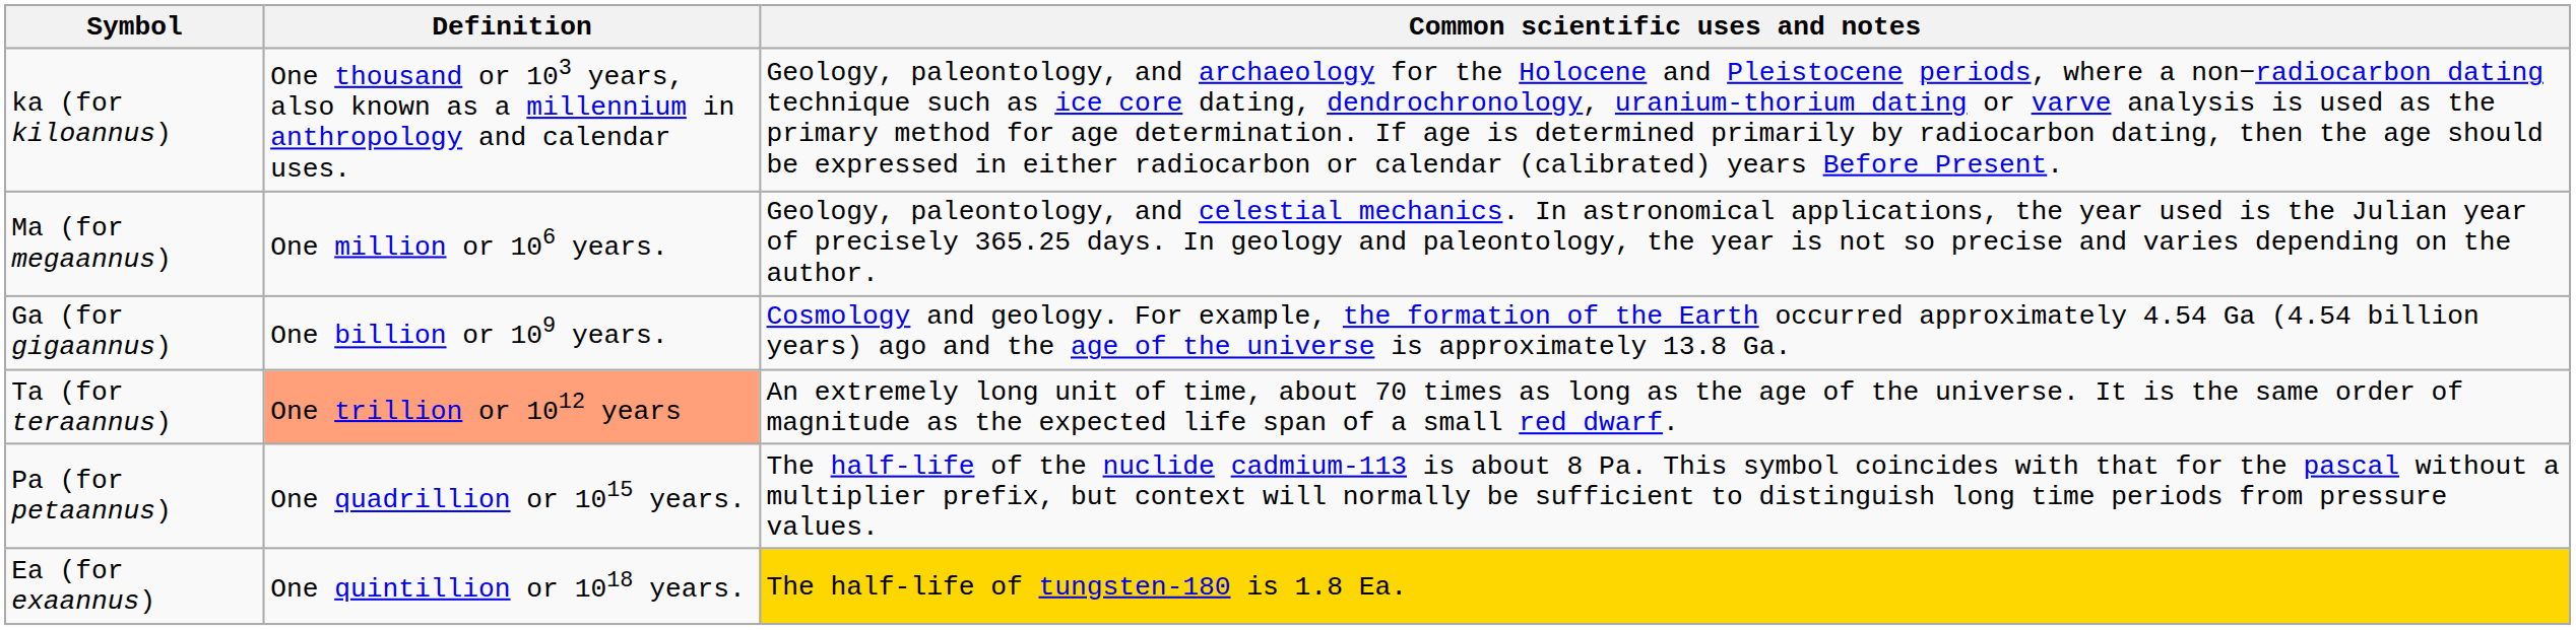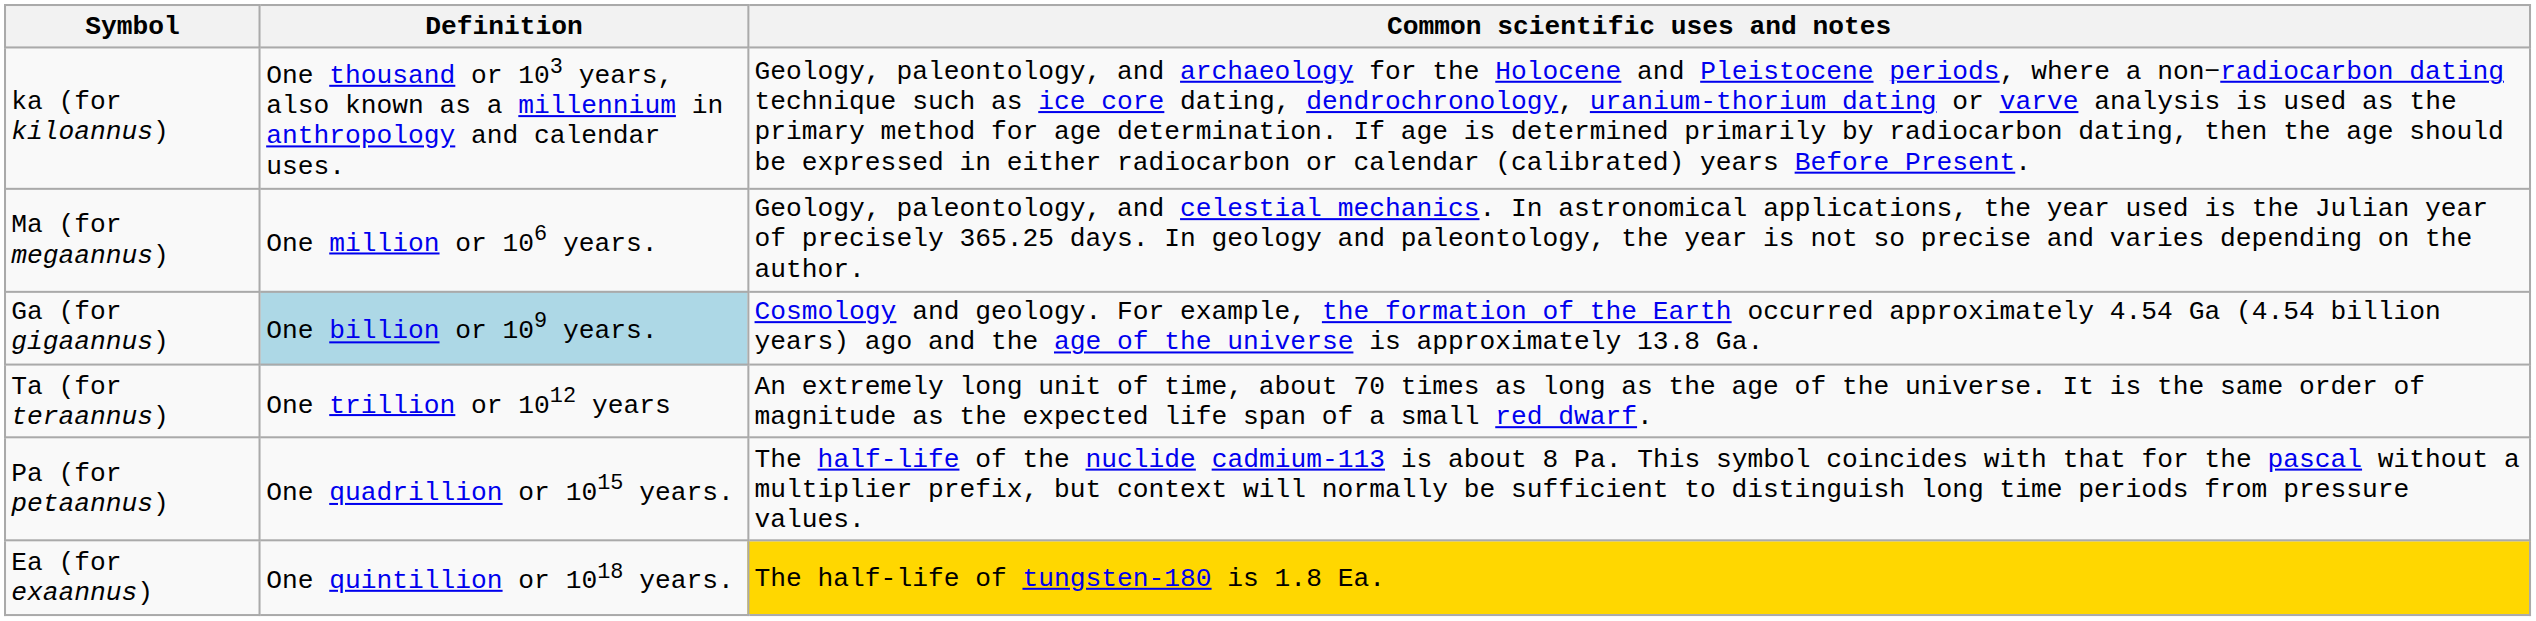 <table class="wikitable">
 <tr>
 <th width=120pt>Symbol</th>
 <th>Definition</th>
 <th>Common scientific uses and notes</th>
 </tr>
 <tr>
 <td> ka (for <em>kiloannus</em>)</td>
 <td>One <a href='#'>thousand</a> or 10<sup>3</sup> years, also known as a <a href='#'>millennium</a> in <a href='#'>anthropology</a> and calendar uses.</td>
 <td>Geology, paleontology, and <a href='#'>archaeology</a> for the <a href='#'>Holocene</a> and <a href='#'>Pleistocene</a> <a href='#'>periods</a>, where a non−<a href='#'>radiocarbon dating</a> technique such as <a href='#'>ice core</a> dating, <a href='#'>dendrochronology</a>, <a href='#'>uranium-thorium dating</a> or <a href='#'>varve</a> analysis is used as the primary method for age determination. If age is determined primarily by radiocarbon dating, then the age should be expressed in either radiocarbon or calendar (calibrated) years <a href='#'>Before Present</a>.</td>
 </tr>
 <tr>
 <td> Ma (for <em>megaannus</em>)</td>
 <td>One <a href='#'>million</a> or 10<sup>6</sup> years.</td>
 <td>Geology, paleontology, and <a href='#'>celestial mechanics</a>. In astronomical applications, the year used is the Julian year of precisely 365.25 days. In geology and paleontology, the year is not so precise and varies depending on the author.</td>
 </tr>
 <tr>
 <td> Ga (for <em>gigaannus</em>)</td>
-<td>One <a href='#'>billion</a> or 10<sup>9</sup> years.</td>
+<td style="background: lightblue;">One <a href='#'>billion</a> or 10<sup>9</sup> years.</td>
 <td><a href='#'>Cosmology</a> and geology. For example, <a href='#'>the formation of the Earth</a> occurred approximately 4.54 Ga (4.54 billion years) ago and the <a href='#'>age of the universe</a> is approximately 13.8 Ga.</td>
 </tr>
 <tr>
 <td> Ta (for <em>teraannus</em>)</td>
-<td style="background: lightsalmon;">One <a href='#'>trillion</a> or 10<sup>12</sup> years</td>
+<td>One <a href='#'>trillion</a> or 10<sup>12</sup> years</td>
 <td>An extremely long unit of time, about 70 times as long as the age of the universe. It is the same order of magnitude as the expected life span of a small <a href='#'>red dwarf</a>.</td>
 </tr>
 <tr>
 <td> Pa (for <em>petaannus</em>)</td>
 <td>One <a href='#'>quadrillion</a> or 10<sup>15</sup> years.</td>
 <td>The <a href='#'>half-life</a> of the <a href='#'>nuclide</a> <a href='#'>cadmium-113</a> is about 8 Pa. This symbol coincides with that for the <a href='#'>pascal</a> without a multiplier prefix, but context will normally be sufficient to distinguish long time periods from pressure values.</td>
 </tr>
 <tr>
 <td> Ea (for <em>exaannus</em>)</td>
 <td>One <a href='#'>quintillion</a> or 10<sup>18</sup> years.</td>
 <td style="background: gold;">The half-life of <a href='#'>tungsten-180</a> is 1.8 Ea.</td>
 </tr>
 </table>
